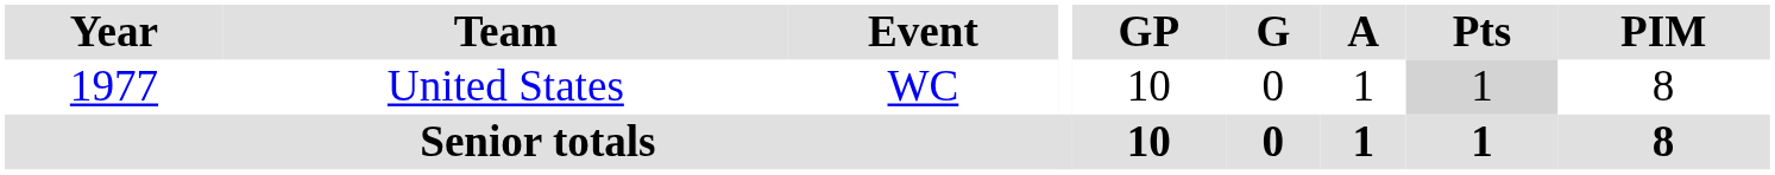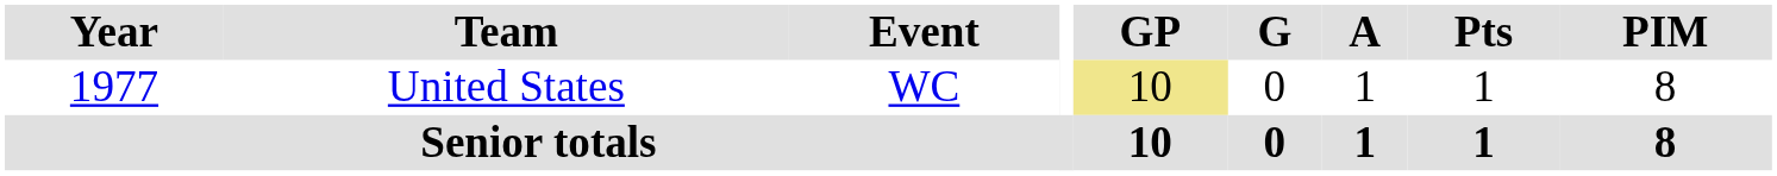 <table border="0" cellpadding="1" cellspacing="0" ID="Table3" style="text-align:center; width:40em">
 <tr bgcolor="#e0e0e0">
 <th>Year</th>
 <th>Team</th>
 <th>Event</th>
 <th rowspan="102" bgcolor="#ffffff"></th>
 <th>GP</th>
 <th>G</th>
 <th>A</th>
 <th>Pts</th>
 <th>PIM</th>
 </tr>
 <tr>
 <td><a href='#'>1977</a></td>
 <td><a href='#'>United States</a></td>
 <td><a href='#'>WC</a></td>
-<td>10</td>
+<td style="background: khaki;">10</td>
 <td>0</td>
 <td>1</td>
-<td style="background: lightgrey;">1</td>
+<td>1</td>
 <td>8</td>
 </tr>
 <tr bgcolor="#e0e0e0">
 <th colspan="4">Senior totals</th>
 <th>10</th>
 <th>0</th>
 <th>1</th>
 <th>1</th>
 <th>8</th>
 </tr>
 </table>
